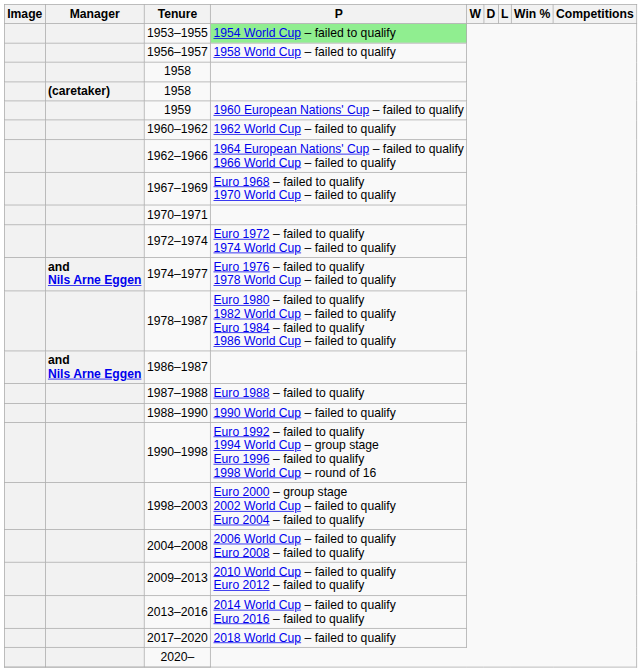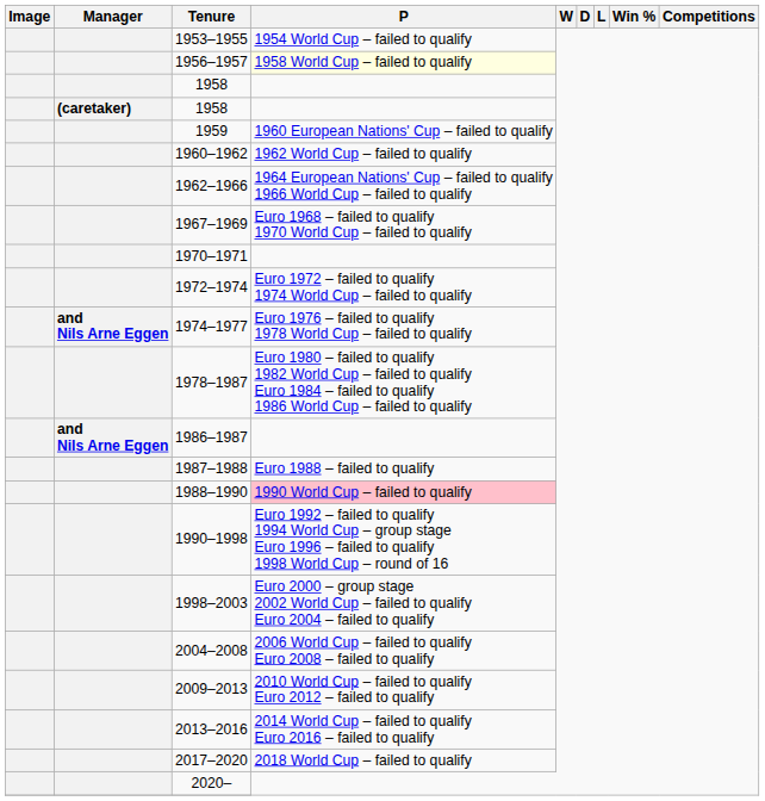 <table class="wikitable sortable plainrowheaders" style="text-align:center;">
 <tr>
 <th scope=col>Image</th>
 <th scope=col>Manager</th>
 <th scope=col>Tenure</th>
 <th scope=col>P</th>
 <th scope=col>W</th>
 <th scope=col>D</th>
 <th scope=col>L</th>
 <th scope=col>Win %</th>
 <th scope=col>Competitions</th>
 </tr>
 <tr>
 <th></th>
 <th scope=row style="text-align: left;"></th>
 <td>1953–1955<br></td>
-<td style="background: lightgreen; text-align: left;"><a href='#'>1954 World Cup</a> – failed to qualify</td>
+<td style="text-align: left;"><a href='#'>1954 World Cup</a> – failed to qualify</td>
 </tr>
 <tr>
 <th></th>
 <th scope=row style="text-align: left;"></th>
 <td>1956–1957<br></td>
-<td style="text-align: left;"><a href='#'>1958 World Cup</a> – failed to qualify</td>
+<td style="background: lightyellow; text-align: left;"><a href='#'>1958 World Cup</a> – failed to qualify</td>
 </tr>
 <tr>
 <th></th>
 <th scope=row style="text-align: left;"></th>
 <td>1958<br></td>
 <td></td>
 </tr>
 <tr>
 <th></th>
 <th scope=row style="text-align: left;"> (caretaker)</th>
 <td>1958<br></td>
 <td></td>
 </tr>
 <tr>
 <th></th>
 <th scope=row style="text-align: left;"></th>
 <td>1959<br></td>
 <td style="text-align: left;"><a href='#'>1960 European Nations' Cup</a> – failed to qualify</td>
 </tr>
 <tr>
 <th></th>
 <th scope=row style="text-align: left;"></th>
 <td>1960–1962<br></td>
 <td style="text-align: left;"><a href='#'>1962 World Cup</a> – failed to qualify</td>
 </tr>
 <tr>
 <th></th>
 <th scope=row style="text-align: left;"></th>
 <td>1962–1966<br></td>
 <td style="text-align: left;"><a href='#'>1964 European Nations' Cup</a> – failed to qualify<br><a href='#'>1966 World Cup</a> – failed to qualify</td>
 </tr>
 <tr>
 <th></th>
 <th scope=row style="text-align: left;"></th>
 <td>1967–1969<br></td>
 <td style="text-align: left;"><a href='#'>Euro 1968</a> – failed to qualify<br><a href='#'>1970 World Cup</a> – failed to qualify</td>
 </tr>
 <tr>
 <th></th>
 <th scope=row style="text-align: left;"></th>
 <td>1970–1971<br></td>
 <td></td>
 </tr>
 <tr>
 <th></th>
 <th scope=row style="text-align: left;"></th>
 <td>1972–1974<br></td>
 <td style="text-align: left;"><a href='#'>Euro 1972</a> – failed to qualify<br><a href='#'>1974 World Cup</a> – failed to qualify</td>
 </tr>
 <tr>
 <th></th>
 <th scope=row style="text-align: left;"> and<br><a href='#'>Nils Arne Eggen</a></th>
 <td>1974–1977<br></td>
 <td style="text-align: left;"><a href='#'>Euro 1976</a> – failed to qualify<br><a href='#'>1978 World Cup</a> – failed to qualify</td>
 </tr>
 <tr>
 <th></th>
 <th scope=row style="text-align: left;"></th>
 <td>1978–1987<br></td>
 <td style="text-align: left;"><a href='#'>Euro 1980</a> – failed to qualify<br><a href='#'>1982 World Cup</a> – failed to qualify<br><a href='#'>Euro 1984</a> – failed to qualify<br><a href='#'>1986 World Cup</a> – failed to qualify</td>
 </tr>
 <tr>
 <th></th>
 <th scope=row style="text-align: left;"> and<br><a href='#'>Nils Arne Eggen</a></th>
 <td>1986–1987<br></td>
 <td></td>
 </tr>
 <tr>
 <th></th>
 <th scope=row style="text-align: left;"></th>
 <td>1987–1988<br></td>
 <td style="text-align: left;"><a href='#'>Euro 1988</a> – failed to qualify</td>
 </tr>
 <tr>
 <th></th>
 <th scope=row style="text-align: left;"></th>
 <td>1988–1990<br></td>
-<td style="text-align: left;"><a href='#'>1990 World Cup</a> – failed to qualify</td>
+<td style="background: pink; text-align: left;"><a href='#'>1990 World Cup</a> – failed to qualify</td>
 </tr>
 <tr>
 <th></th>
 <th scope=row style="text-align: left;"></th>
 <td>1990–1998<br></td>
 <td style="text-align: left;"><a href='#'>Euro 1992</a> – failed to qualify<br><a href='#'>1994 World Cup</a> – group stage<br><a href='#'>Euro 1996</a> – failed to qualify<br><a href='#'>1998 World Cup</a> – round of 16</td>
 </tr>
 <tr>
 <th></th>
 <th scope=row style="text-align: left;"></th>
 <td>1998–2003<br></td>
 <td style="text-align: left;"><a href='#'>Euro 2000</a> – group stage<br><a href='#'>2002 World Cup</a> – failed to qualify<br><a href='#'>Euro 2004</a> – failed to qualify</td>
 </tr>
 <tr>
 <th></th>
 <th scope=row style="text-align: left;"></th>
 <td>2004–2008<br></td>
 <td style="text-align: left;"><a href='#'>2006 World Cup</a> – failed to qualify<br><a href='#'>Euro 2008</a> – failed to qualify</td>
 </tr>
 <tr>
 <th></th>
 <th scope=row style="text-align: left;"></th>
 <td>2009–2013<br></td>
 <td style="text-align: left;"><a href='#'>2010 World Cup</a> – failed to qualify<br><a href='#'>Euro 2012</a> – failed to qualify</td>
 </tr>
 <tr>
 <th></th>
 <th scope=row style="text-align: left;"></th>
 <td>2013–2016<br></td>
 <td style="text-align: left;"><a href='#'>2014 World Cup</a> – failed to qualify<br><a href='#'>Euro 2016</a> – failed to qualify</td>
 </tr>
 <tr>
 <th></th>
 <th scope=row style="text-align: left;"></th>
 <td>2017–2020<br></td>
 <td style="text-align: left;"><a href='#'>2018 World Cup</a> – failed to qualify</td>
 </tr>
 <tr>
 <th></th>
 <th scope=row style="text-align: left;"></th>
 <td>2020–</td>
 </tr>
 <tr>
 </tr>
 </table>
